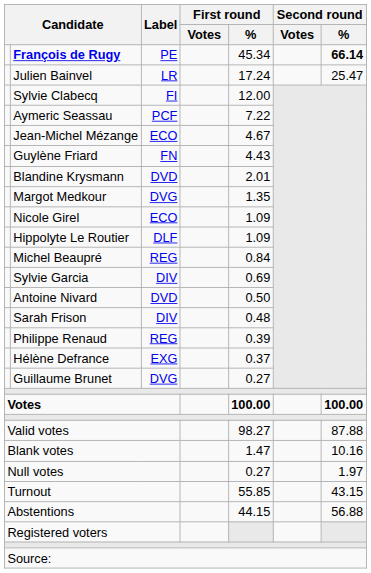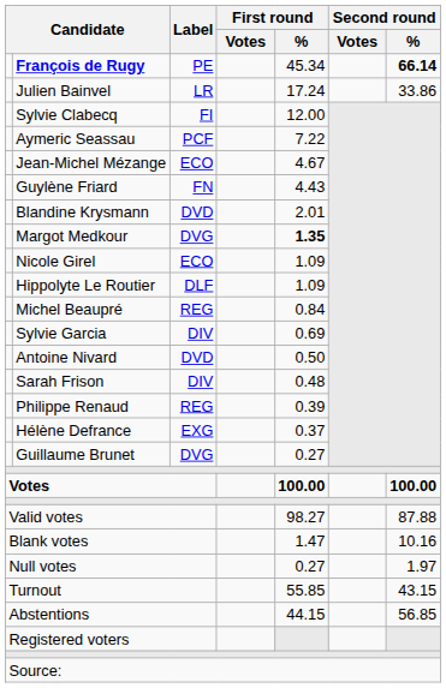 <table class="wikitable" style="text-align:right;font-size:95%;">
 <tr>
 <th rowspan="2" colspan="2">Candidate</th>
 <th rowspan="2">Label</th>
 <th colspan="2">First round</th>
 <th colspan="2">Second round</th>
 </tr>
 <tr>
 <th style="width:50px;">Votes</th>
 <th style="width:45px;">%</th>
 <th style="width:50px;">Votes</th>
 <th style="width:45px;">%</th>
 </tr>
 <tr>
 <td style="color:inherit;background:"></td>
 <td style="text-align:left;"><strong><a href='#'>François de Rugy</a></strong></td>
 <td><a href='#'>PE</a></td>
 <td></td>
 <td>45.34</td>
 <td><strong></strong></td>
 <td><strong>66.14</strong></td>
 </tr>
 <tr>
 <td style="color:inherit;background:"></td>
 <td style="text-align:left;">Julien Bainvel</td>
 <td><a href='#'>LR</a></td>
 <td></td>
 <td>17.24</td>
 <td></td>
-<td>25.47</td>
+<td>33.86</td>
 </tr>
 <tr>
 <td style="color:inherit;background:"></td>
 <td style="text-align:left;">Sylvie Clabecq</td>
 <td><a href='#'>FI</a></td>
 <td></td>
 <td>12.00</td>
 <td colspan="2" rowspan="15" style="background:#E9E9E9;"></td>
 </tr>
 <tr>
 <td style="color:inherit;background:"></td>
 <td style="text-align:left;">Aymeric Seassau</td>
 <td><a href='#'>PCF</a></td>
 <td></td>
 <td>7.22</td>
 </tr>
 <tr>
 <td style="color:inherit;background:"></td>
 <td style="text-align:left;">Jean-Michel Mézange</td>
 <td><a href='#'>ECO</a></td>
 <td></td>
 <td>4.67</td>
 </tr>
 <tr>
 <td style="color:inherit;background:"></td>
 <td style="text-align:left;">Guylène Friard</td>
 <td><a href='#'>FN</a></td>
 <td></td>
 <td>4.43</td>
 </tr>
 <tr>
 <td style="color:inherit;background:"></td>
 <td style="text-align:left;">Blandine Krysmann</td>
 <td><a href='#'>DVD</a></td>
 <td></td>
 <td>2.01</td>
 </tr>
 <tr>
 <td style="color:inherit;background:"></td>
 <td style="text-align:left;">Margot Medkour</td>
 <td><a href='#'>DVG</a></td>
 <td></td>
-<td>1.35</td>
+<td><strong>1.35</strong></td>
 </tr>
 <tr>
 <td style="color:inherit;background:"></td>
 <td style="text-align:left;">Nicole Girel</td>
 <td><a href='#'>ECO</a></td>
 <td></td>
 <td>1.09</td>
 </tr>
 <tr>
 <td style="color:inherit;background:"></td>
 <td style="text-align:left;">Hippolyte Le Routier</td>
 <td><a href='#'>DLF</a></td>
 <td></td>
 <td>1.09</td>
 </tr>
 <tr>
 <td style="color:inherit;background:"></td>
 <td style="text-align:left;">Michel Beaupré</td>
 <td><a href='#'>REG</a></td>
 <td></td>
 <td>0.84</td>
 </tr>
 <tr>
 <td style="color:inherit;background:"></td>
 <td style="text-align:left;">Sylvie Garcia</td>
 <td><a href='#'>DIV</a></td>
 <td></td>
 <td>0.69</td>
 </tr>
 <tr>
 <td style="color:inherit;background:"></td>
 <td style="text-align:left;">Antoine Nivard</td>
 <td><a href='#'>DVD</a></td>
 <td></td>
 <td>0.50</td>
 </tr>
 <tr>
 <td style="color:inherit;background:"></td>
 <td style="text-align:left;">Sarah Frison</td>
 <td><a href='#'>DIV</a></td>
 <td></td>
 <td>0.48</td>
 </tr>
 <tr>
 <td style="color:inherit;background:"></td>
 <td style="text-align:left;">Philippe Renaud</td>
 <td><a href='#'>REG</a></td>
 <td></td>
 <td>0.39</td>
 </tr>
 <tr>
 <td style="color:inherit;background:"></td>
 <td style="text-align:left;">Hélène Defrance</td>
 <td><a href='#'>EXG</a></td>
 <td></td>
 <td>0.37</td>
 </tr>
 <tr>
 <td style="color:inherit;background:"></td>
 <td style="text-align:left;">Guillaume Brunet</td>
 <td><a href='#'>DVG</a></td>
 <td></td>
 <td>0.27</td>
 </tr>
 <tr>
 <td colspan="7" style="background:#E9E9E9;"></td>
 </tr>
 <tr style="font-weight:bold;">
 <td colspan="3" style="text-align:left;">Votes</td>
 <td></td>
 <td>100.00</td>
 <td></td>
 <td>100.00</td>
 </tr>
 <tr>
 <td colspan="7" style="background:#E9E9E9;"></td>
 </tr>
 <tr>
 <td colspan="3" style="text-align:left;">Valid votes</td>
 <td></td>
 <td>98.27</td>
 <td></td>
 <td>87.88</td>
 </tr>
 <tr>
 <td colspan="3" style="text-align:left;">Blank votes</td>
 <td></td>
 <td>1.47</td>
 <td></td>
 <td>10.16</td>
 </tr>
 <tr>
 <td colspan="3" style="text-align:left;">Null votes</td>
 <td></td>
 <td>0.27</td>
 <td></td>
 <td>1.97</td>
 </tr>
 <tr>
 <td colspan="3" style="text-align:left;">Turnout</td>
 <td></td>
 <td>55.85</td>
 <td></td>
 <td>43.15</td>
 </tr>
 <tr>
 <td colspan="3" style="text-align:left;">Abstentions</td>
 <td></td>
 <td>44.15</td>
 <td></td>
-<td>56.88</td>
+<td>56.85</td>
 </tr>
 <tr>
 <td colspan="3" style="text-align:left;">Registered voters</td>
 <td></td>
 <td style="color:inherit;background:#E9E9E9;"></td>
 <td></td>
 <td style="color:inherit;background:#E9E9E9;"></td>
 </tr>
 <tr>
 <td colspan="7" style="background:#E9E9E9;"></td>
 </tr>
 <tr>
 <td colspan="7" style="text-align:left;">Source: </td>
 </tr>
 </table>
